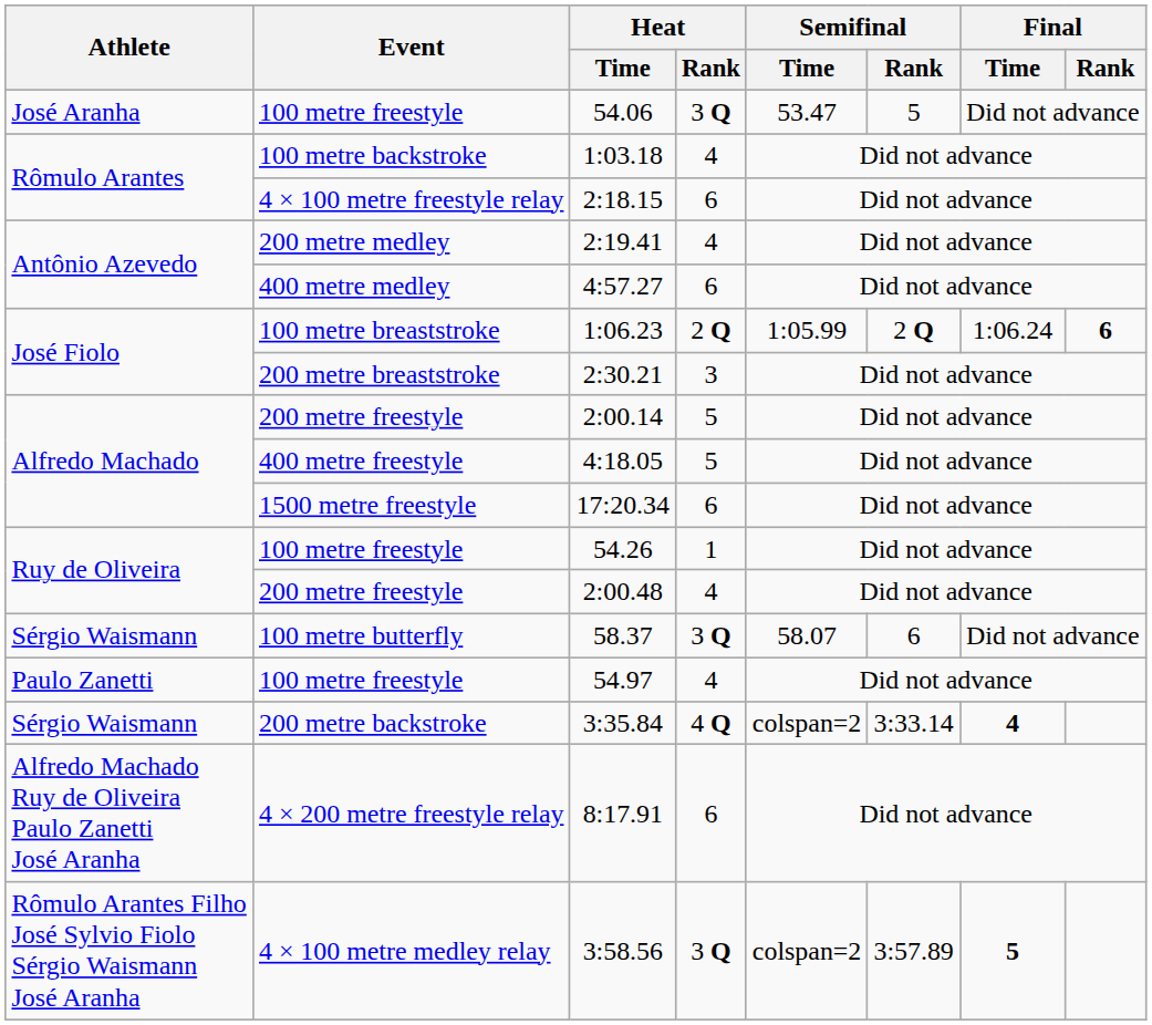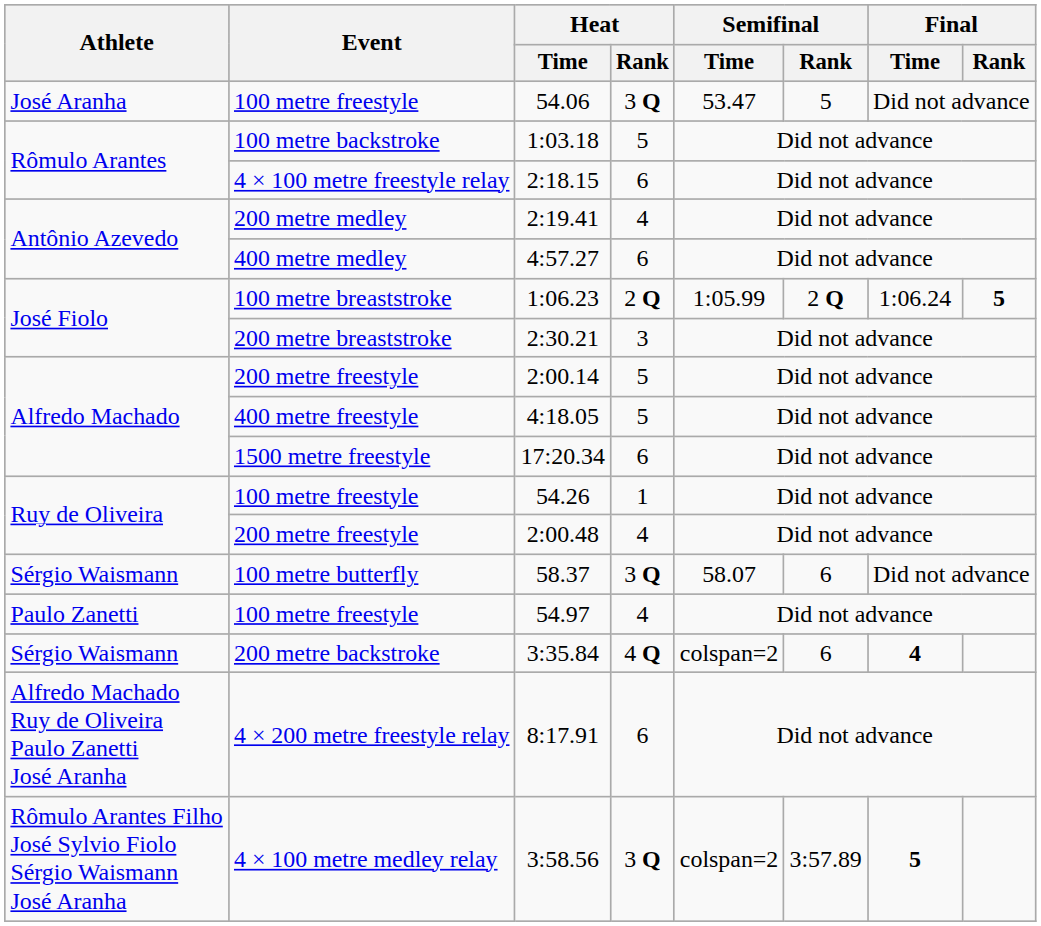 <table class=wikitable style="font-size:90%">
 <tr>
 <th rowspan="2">Athlete</th>
 <th rowspan="2">Event</th>
 <th colspan="2">Heat</th>
 <th colspan="2">Semifinal</th>
 <th colspan="2">Final</th>
 </tr>
 <tr style="font-size:95%">
 <th>Time</th>
 <th>Rank</th>
 <th>Time</th>
 <th>Rank</th>
 <th>Time</th>
 <th>Rank</th>
 </tr>
 <tr align=center>
 <td style="text-align:left;"><a href='#'>José Aranha</a></td>
 <td style="text-align:left;"><a href='#'>100 metre freestyle</a></td>
 <td>54.06</td>
 <td>3 <strong>Q</strong></td>
 <td>53.47</td>
 <td>5</td>
 <td colspan=4>Did not advance</td>
 </tr>
 <tr align=center>
 <td style="text-align:left;" rowspan="2"><a href='#'>Rômulo Arantes</a></td>
 <td style="text-align:left;"><a href='#'>100 metre backstroke</a></td>
 <td>1:03.18</td>
-<td>4</td>
+<td>5</td>
 <td colspan=4>Did not advance</td>
 </tr>
 <tr align=center>
 <td align=left><a href='#'>4 × 100 metre freestyle relay</a></td>
 <td>2:18.15</td>
 <td>6</td>
 <td colspan=4>Did not advance</td>
 </tr>
 <tr align=center>
 <td style="text-align:left;" rowspan="2"><a href='#'>Antônio Azevedo</a></td>
 <td align=left><a href='#'>200 metre medley</a></td>
 <td>2:19.41</td>
 <td>4</td>
 <td colspan=4>Did not advance</td>
 </tr>
 <tr align=center>
 <td align=left><a href='#'>400 metre medley</a></td>
 <td>4:57.27</td>
 <td>6</td>
 <td colspan=4>Did not advance</td>
 </tr>
 <tr align=center>
 <td style="text-align:left;" rowspan="2"><a href='#'>José Fiolo</a></td>
 <td align=left><a href='#'>100 metre breaststroke</a></td>
 <td>1:06.23</td>
 <td>2 <strong>Q</strong></td>
 <td>1:05.99</td>
 <td>2 <strong>Q</strong></td>
 <td>1:06.24</td>
-<td><strong>6</strong></td>
+<td><strong>5</strong></td>
 </tr>
 <tr align=center>
 <td align=left><a href='#'>200 metre breaststroke</a></td>
 <td>2:30.21</td>
 <td>3</td>
 <td colspan=4>Did not advance</td>
 </tr>
 <tr align=center>
 <td style="text-align:left;" rowspan="3"><a href='#'>Alfredo Machado</a></td>
 <td style="text-align:left;"><a href='#'>200 metre freestyle</a></td>
 <td>2:00.14</td>
 <td>5</td>
 <td colspan=4>Did not advance</td>
 </tr>
 <tr align=center>
 <td style="text-align:left;"><a href='#'>400 metre freestyle</a></td>
 <td>4:18.05</td>
 <td>5</td>
 <td colspan=4>Did not advance</td>
 </tr>
 <tr align=center>
 <td style="text-align:left;"><a href='#'>1500 metre freestyle</a></td>
 <td>17:20.34</td>
 <td>6</td>
 <td colspan=4>Did not advance</td>
 </tr>
 <tr align=center>
 <td style="text-align:left;" rowspan="2"><a href='#'>Ruy de Oliveira</a></td>
 <td style="text-align:left;"><a href='#'>100 metre freestyle</a></td>
 <td>54.26</td>
 <td>1</td>
 <td colspan=4>Did not advance</td>
 </tr>
 <tr align=center>
 <td style="text-align:left;"><a href='#'>200 metre freestyle</a></td>
 <td>2:00.48</td>
 <td>4</td>
 <td colspan=4>Did not advance</td>
 </tr>
 <tr align=center>
 <td style="text-align:left;"><a href='#'>Sérgio Waismann</a></td>
 <td style="text-align:left;"><a href='#'>100 metre butterfly</a></td>
 <td>58.37</td>
 <td>3 <strong>Q</strong></td>
 <td>58.07</td>
 <td>6</td>
 <td colspan=2>Did not advance</td>
 </tr>
 <tr align=center>
 <td style="text-align:left;"><a href='#'>Paulo Zanetti</a></td>
 <td style="text-align:left;"><a href='#'>100 metre freestyle</a></td>
 <td>54.97</td>
 <td>4</td>
 <td colspan=4>Did not advance</td>
 </tr>
 <tr align=center>
 <td style="text-align:left;"><a href='#'>Sérgio Waismann</a></td>
 <td style="text-align:left;"><a href='#'>200 metre backstroke</a></td>
 <td>3:35.84</td>
 <td>4 <strong>Q</strong></td>
 <td>colspan=2 </td>
-<td>3:33.14</td>
+<td>6</td>
 <td><strong>4</strong></td>
 </tr>
 <tr align=center>
 <td style="text-align:left;"><a href='#'>Alfredo Machado</a><br><a href='#'>Ruy de Oliveira</a><br><a href='#'>Paulo Zanetti</a><br><a href='#'>José Aranha</a></td>
 <td align=left><a href='#'>4 × 200 metre freestyle relay</a></td>
 <td>8:17.91</td>
 <td>6</td>
 <td colspan=4>Did not advance</td>
 </tr>
 <tr align=center>
 <td style="text-align:left;"><a href='#'>Rômulo Arantes Filho</a><br><a href='#'>José Sylvio Fiolo</a><br><a href='#'>Sérgio Waismann</a><br><a href='#'>José Aranha</a></td>
 <td align=left><a href='#'>4 × 100 metre medley relay</a></td>
 <td>3:58.56</td>
 <td>3 <strong>Q</strong></td>
 <td>colspan=2 </td>
 <td>3:57.89</td>
 <td><strong>5</strong></td>
 </tr>
 </table>
